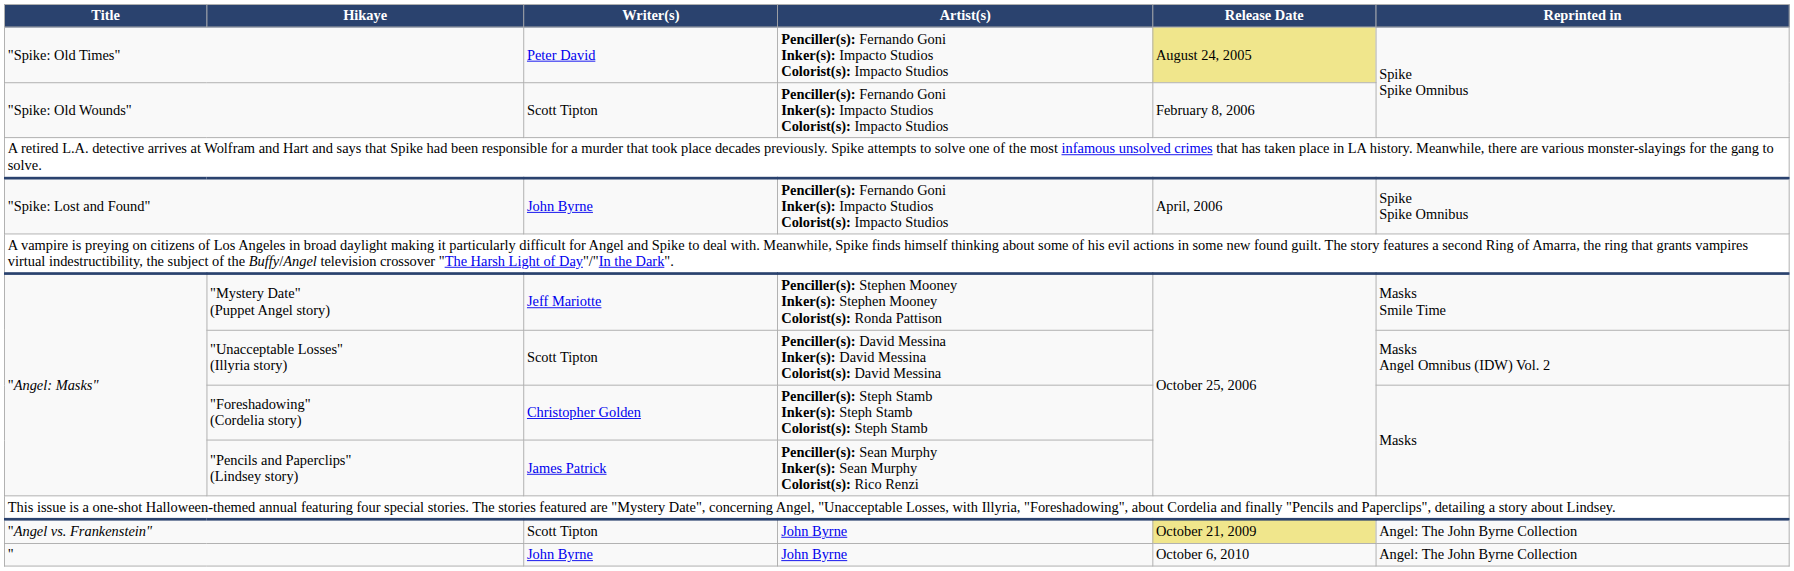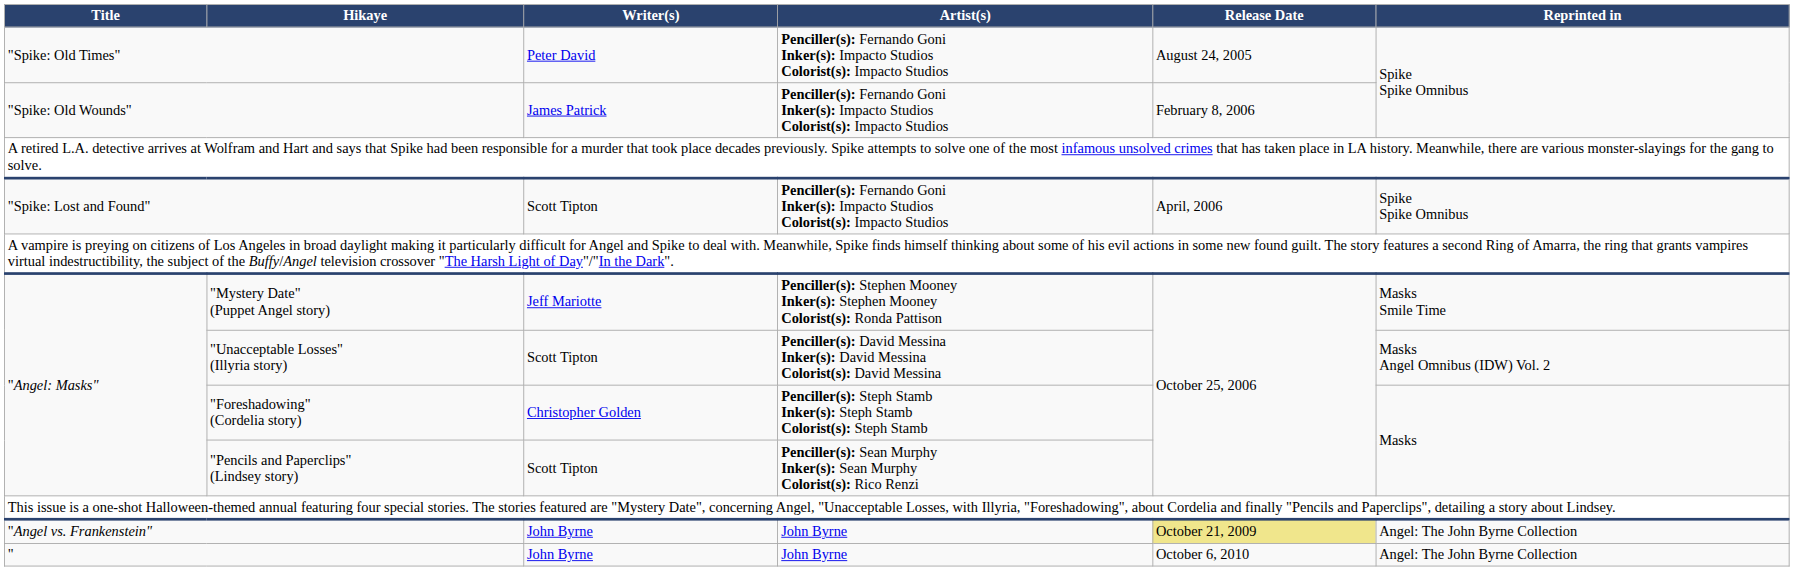 <table style="width: 100%;" class="wikitable">
 <tr>
 <th style="background: #2A426E; color: white;">Title</th>
 <th style="background: #2A426E; color: white;">Hikaye</th>
 <th style="background: #2A426E; color: white;">Writer(s)</th>
 <th style="background: #2A426E; color: white;">Artist(s)</th>
 <th style="background: #2A426E; color: white;">Release Date</th>
 <th style="background: #2A426E; color: white;">Reprinted in</th>
 </tr>
 <tr>
 <td colspan="2">"Spike: Old Times"</td>
 <td><a href='#'>Peter David</a></td>
 <td><strong>Penciller(s):</strong> Fernando Goni<br><strong>Inker(s):</strong> Impacto Studios<br><strong>Colorist(s):</strong> Impacto Studios</td>
-<td style="background: khaki;">August 24, 2005</td>
+<td>August 24, 2005</td>
 <td rowspan="2">Spike<br>Spike Omnibus</td>
 </tr>
 <tr>
 <td colspan="2">"Spike: Old Wounds"</td>
-<td>Scott Tipton</td>
+<td><a href='#'>James Patrick</a></td>
 <td><strong>Penciller(s):</strong> Fernando Goni<br><strong>Inker(s):</strong> Impacto Studios<br><strong>Colorist(s):</strong> Impacto Studios</td>
 <td>February 8, 2006</td>
 </tr>
 <tr>
 <td style="text-align:left; font-weight:normal; background:#fff; border-bottom:3px solid #2a426e;" colspan="6">A retired L.A. detective arrives at Wolfram and Hart and says that Spike had been responsible for a murder that took place decades previously. Spike attempts to solve one of the most <a href='#'>infamous unsolved crimes</a> that has taken place in LA history. Meanwhile, there are various monster-slayings for the gang to solve.</td>
 </tr>
 <tr>
 <td colspan="2">"Spike: Lost and Found"</td>
-<td><a href='#'>John Byrne</a></td>
+<td>Scott Tipton</td>
 <td><strong>Penciller(s):</strong> Fernando Goni<br><strong>Inker(s):</strong> Impacto Studios<br><strong>Colorist(s):</strong> Impacto Studios</td>
 <td>April, 2006</td>
 <td>Spike<br>Spike Omnibus</td>
 </tr>
 <tr>
 <td style="text-align:left; font-weight:normal; background:#fff; border-bottom:3px solid #2a426e;" colspan="6">A vampire is preying on citizens of Los Angeles in broad daylight making it particularly difficult for Angel and Spike to deal with. Meanwhile, Spike finds himself thinking about some of his evil actions in some new found guilt. The story features a second Ring of Amarra, the ring that grants vampires virtual indestructibility, the subject of the <em>Buffy</em>/<em>Angel</em> television crossover "<a href='#'>The Harsh Light of Day</a>"/"<a href='#'>In the Dark</a>".</td>
 </tr>
 <tr>
 <td rowspan="4">"<em>Angel: Masks"</em></td>
 <td>"Mystery Date"<br>(Puppet Angel story)</td>
 <td><a href='#'>Jeff Mariotte</a></td>
 <td><strong>Penciller(s):</strong> Stephen Mooney<br><strong>Inker(s):</strong> Stephen Mooney<br><strong>Colorist(s):</strong> Ronda Pattison</td>
 <td rowspan="4">October 25, 2006</td>
 <td>Masks<br>Smile Time</td>
 </tr>
 <tr>
 <td>"Unacceptable Losses"<br>(Illyria story)</td>
 <td>Scott Tipton</td>
 <td><strong>Penciller(s):</strong> David Messina<br><strong>Inker(s):</strong> David Messina<br><strong>Colorist(s):</strong> David Messina</td>
 <td>Masks<br>Angel Omnibus (IDW) Vol. 2</td>
 </tr>
 <tr>
 <td>"Foreshadowing"<br>(Cordelia story)</td>
 <td><a href='#'>Christopher Golden</a></td>
 <td><strong>Penciller(s):</strong> Steph Stamb<br><strong>Inker(s):</strong> Steph Stamb<br><strong>Colorist(s):</strong> Steph Stamb</td>
 <td rowspan="2">Masks</td>
 </tr>
 <tr>
 <td>"Pencils and Paperclips"<br>(Lindsey story)</td>
-<td><a href='#'>James Patrick</a></td>
+<td>Scott Tipton</td>
 <td><strong>Penciller(s):</strong> Sean Murphy<br><strong>Inker(s):</strong> Sean Murphy<br><strong>Colorist(s):</strong> Rico Renzi</td>
 </tr>
 <tr>
 <td style="text-align:left; font-weight:normal; background:#fff; border-bottom:3px solid #2a426e;" colspan="6">This issue is a one-shot Halloween-themed annual featuring four special stories. The stories featured are "Mystery Date", concerning Angel, "Unacceptable Losses, with Illyria, "Foreshadowing", about Cordelia and finally "Pencils and Paperclips", detailing a story about Lindsey.</td>
 </tr>
 <tr>
 <td colspan="2">"<em>Angel vs. Frankenstein"</em></td>
-<td>Scott Tipton</td>
+<td><a href='#'>John Byrne</a></td>
 <td><a href='#'>John Byrne</a></td>
 <td style="background: khaki;">October 21, 2009</td>
 <td>Angel: The John Byrne Collection</td>
 </tr>
 <tr>
 <td colspan="2">"<em></em></td>
 <td><a href='#'>John Byrne</a></td>
 <td><a href='#'>John Byrne</a></td>
 <td>October 6, 2010</td>
 <td>Angel: The John Byrne Collection</td>
 </tr>
 </table>
